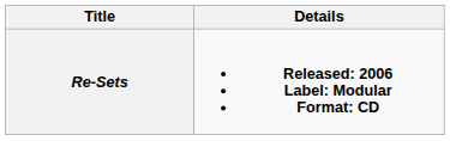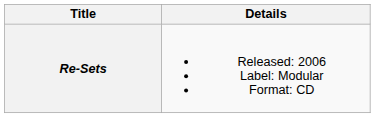 <table class="wikitable plainrowheaders" style="text-align:center;" border="1">
 <tr>
 <th scope="col" style="width:12em;">Title</th>
 <th scope="col" style="width:16em;">Details</th>
 </tr>
 <tr>
 <th scope="row"><em>Re-Sets</em></th>
-<td><strong><br><ul><li>Released: 2006</li><li>Label: Modular</li><li>Format: CD</li></ul></strong></td>
+<td><br><ul><li>Released: 2006</li><li>Label: Modular</li><li>Format: CD</li></ul></td>
 </tr>
 </table>
